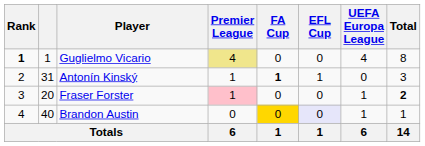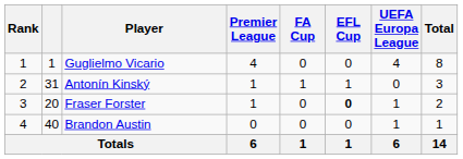 <table class="wikitable sortable" style="text-align: center;">
 <tr>
 <th width=10>Rank</th>
 <th width=10></th>
 <th width=200>Player</th>
 <th width=50><a href='#'>Premier League</a></th>
 <th width=50><a href='#'>FA Cup</a></th>
 <th width=50><a href='#'>EFL Cup</a></th>
 <th width=50><a href='#'>UEFA Europa League</a></th>
 <th>Total</th>
 </tr>
 <tr>
-<td rowspan="1"><strong>1</strong></td>
+<td rowspan="1">1</td>
 <td>1</td>
 <td align="left"> <a href='#'>Guglielmo Vicario</a></td>
-<td style="background: khaki;">4</td>
+<td>4</td>
 <td>0</td>
 <td>0</td>
 <td>4</td>
 <td>8</td>
 </tr>
 <tr>
 <td rowspan="1">2</td>
 <td>31</td>
 <td align="left"> <a href='#'>Antonín Kinský</a></td>
 <td>1</td>
-<td><strong>1</strong></td>
+<td>1</td>
 <td>1</td>
 <td>0</td>
 <td>3</td>
 </tr>
 <tr>
 <td rowspan="1">3</td>
 <td>20</td>
 <td align="left"> <a href='#'>Fraser Forster</a></td>
-<td style="background: pink;">1</td>
+<td>1</td>
 <td>0</td>
-<td>0</td>
+<td><strong>0</strong></td>
 <td>1</td>
-<td><strong>2</strong></td>
+<td>2</td>
 </tr>
 <tr>
 <td rowspan="1">4</td>
 <td>40</td>
 <td align="left"> <a href='#'>Brandon Austin</a></td>
 <td>0</td>
-<td style="background: gold;">0</td>
-<td style="background: lavender;">0</td>
+<td>0</td>
+<td>0</td>
 <td>1</td>
 <td>1</td>
 </tr>
 <tr>
 <th colspan="3">Totals</th>
 <th>6</th>
 <th>1</th>
 <th>1</th>
 <th>6</th>
 <th>14</th>
 </tr>
 </table>
